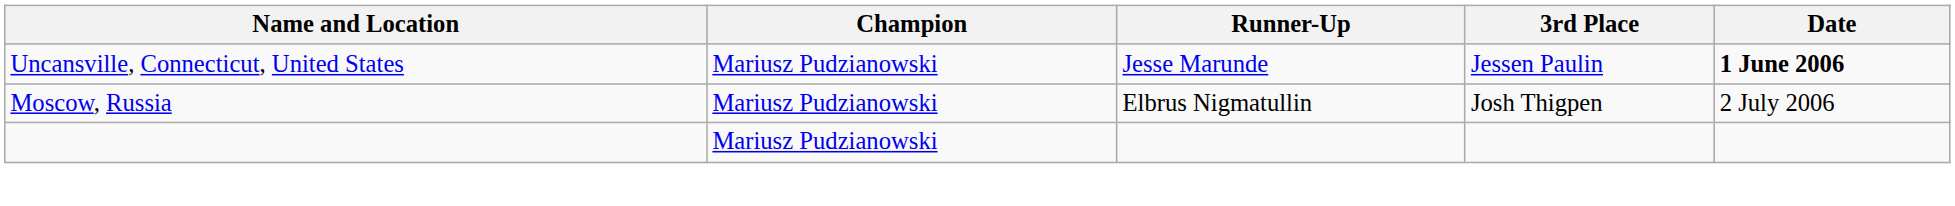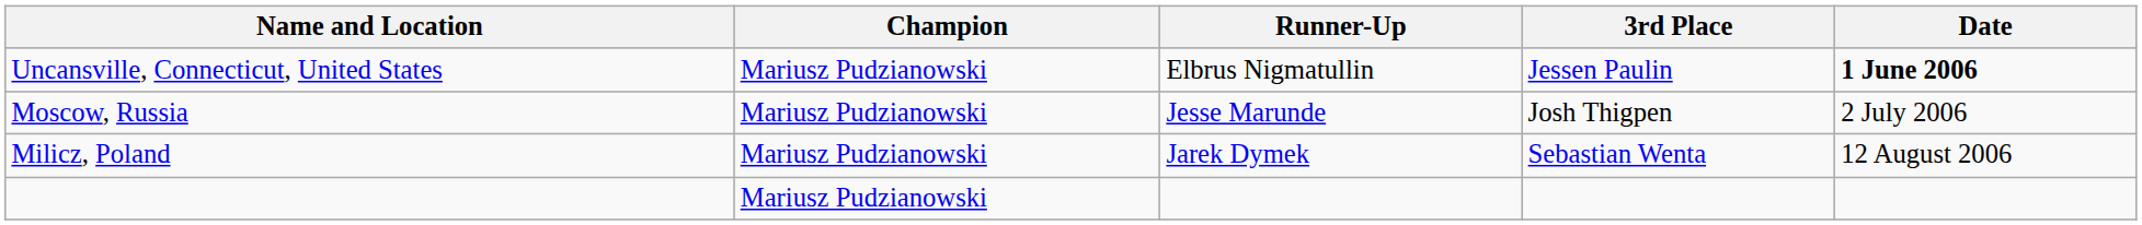 <table class="wikitable" style="display: inline-table;width: 100%;">
 <tr>
 <th>Name and Location</th>
 <th>Champion</th>
 <th>Runner-Up</th>
 <th>3rd Place</th>
 <th>Date</th>
 </tr>
 <tr>
 <td> <a href='#'>Uncansville</a>, <a href='#'>Connecticut</a>, <a href='#'>United States</a> <br> </td>
 <td> <a href='#'>Mariusz Pudzianowski</a></td>
-<td> <a href='#'>Jesse Marunde</a></td>
+<td> Elbrus Nigmatullin</td>
 <td> <a href='#'>Jessen Paulin</a></td>
 <td><strong>1 June 2006</strong></td>
 </tr>
 <tr>
 <td> <a href='#'>Moscow</a>, <a href='#'>Russia</a> <br> </td>
 <td> <a href='#'>Mariusz Pudzianowski</a></td>
-<td> Elbrus Nigmatullin</td>
+<td> <a href='#'>Jesse Marunde</a></td>
 <td> Josh Thigpen</td>
 <td>2 July 2006</td>
+</tr>
+<tr>
+<td> <a href='#'>Milicz</a>, <a href='#'>Poland</a> <br> </td>
+<td> <a href='#'>Mariusz Pudzianowski</a></td>
+<td> <a href='#'>Jarek Dymek</a></td>
+<td> <a href='#'>Sebastian Wenta</a></td>
+<td>12 August 2006</td>
 </tr>
 <tr>
 <td></td>
 <td> <a href='#'>Mariusz Pudzianowski</a></td>
 <td></td>
 <td></td>
 <td></td>
 </tr>
 </table>
